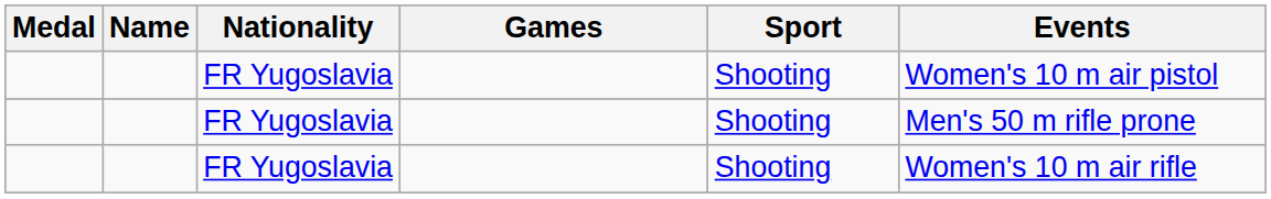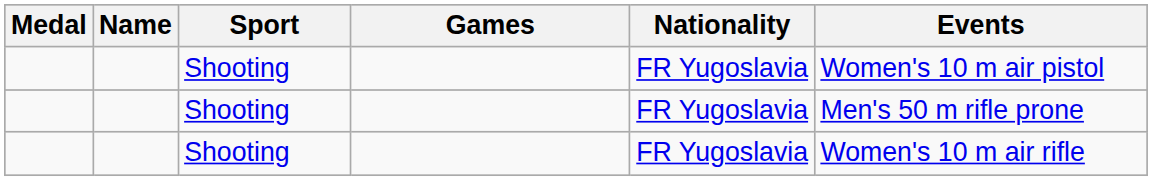 <table class="wikitable sortable">
 <tr>
 <th scope="col">Medal</th>
 <th scope="col">Name</th>
+<th scope="col" style="width:6em">Sport</th>
+<th scope="col" style="width:10em">Games</th>
 <th scope="col">Nationality</th>
-<th scope="col" style="width:10em">Games</th>
-<th scope="col" style="width:6em">Sport</th>
 <th scope="col" style="width:12em">Events</th>
 </tr>
 <tr>
 <td></td>
 <td></td>
+<td><a href='#'>Shooting</a></td>
+<td></td>
 <td><a href='#'>FR Yugoslavia</a></td>
-<td></td>
-<td><a href='#'>Shooting</a></td>
 <td><a href='#'>Women's 10 m air pistol</a></td>
 </tr>
 <tr>
 <td></td>
 <td></td>
+<td><a href='#'>Shooting</a></td>
+<td></td>
 <td><a href='#'>FR Yugoslavia</a></td>
-<td></td>
-<td><a href='#'>Shooting</a></td>
 <td><a href='#'>Men's 50 m rifle prone</a></td>
 </tr>
 <tr>
 <td></td>
 <td></td>
+<td><a href='#'>Shooting</a></td>
+<td></td>
 <td><a href='#'>FR Yugoslavia</a></td>
-<td></td>
-<td><a href='#'>Shooting</a></td>
 <td><a href='#'>Women's 10 m air rifle</a></td>
 </tr>
 </table>
